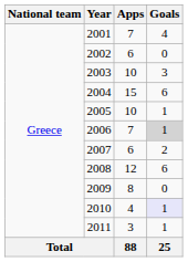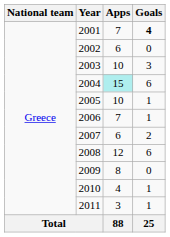 <table class="wikitable" style="text-align:center">
 <tr>
 <th>National team</th>
 <th>Year</th>
 <th>Apps</th>
 <th>Goals</th>
 </tr>
 <tr>
 <td rowspan="11"><a href='#'>Greece</a></td>
 <td>2001</td>
 <td>7</td>
-<td>4</td>
+<td><strong>4</strong></td>
 </tr>
 <tr>
 <td>2002</td>
 <td>6</td>
 <td>0</td>
 </tr>
 <tr>
 <td>2003</td>
 <td>10</td>
 <td>3</td>
 </tr>
 <tr>
 <td>2004</td>
-<td>15</td>
+<td style="background: paleturquoise;">15</td>
 <td>6</td>
 </tr>
 <tr>
 <td>2005</td>
 <td>10</td>
 <td>1</td>
 </tr>
 <tr>
 <td>2006</td>
 <td>7</td>
-<td style="background: lightgrey;">1</td>
+<td>1</td>
 </tr>
 <tr>
 <td>2007</td>
 <td>6</td>
 <td>2</td>
 </tr>
 <tr>
 <td>2008</td>
 <td>12</td>
 <td>6</td>
 </tr>
 <tr>
 <td>2009</td>
 <td>8</td>
 <td>0</td>
 </tr>
 <tr>
 <td>2010</td>
 <td>4</td>
-<td style="background: lavender;">1</td>
+<td>1</td>
 </tr>
 <tr>
 <td>2011</td>
 <td>3</td>
 <td>1</td>
 </tr>
 <tr>
 <th colspan="2">Total</th>
 <th>88</th>
 <th>25</th>
 </tr>
 </table>
